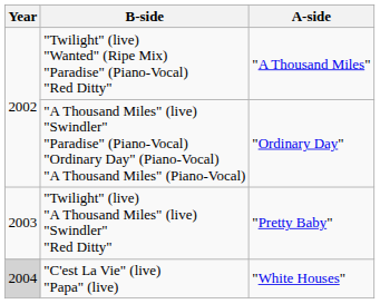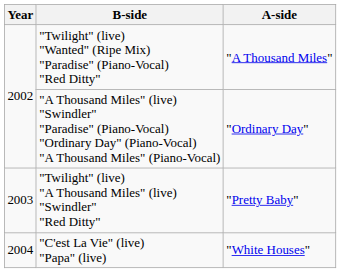 <table class="wikitable">
 <tr>
 <th style="text-align:center;">Year</th>
 <th style="text-align:center;">B-side</th>
 <th style="text-align:center;">A-side</th>
 </tr>
 <tr>
 <td rowspan="2">2002</td>
 <td>"Twilight" (live)<br>"Wanted" (Ripe Mix)<br>"Paradise" (Piano-Vocal)<br>"Red Ditty"</td>
 <td>"<a href='#'>A Thousand Miles</a>"</td>
 </tr>
 <tr>
 <td>"A Thousand Miles" (live)<br>"Swindler"<br>"Paradise" (Piano-Vocal)<br>"Ordinary Day" (Piano-Vocal)<br>"A Thousand Miles" (Piano-Vocal)</td>
 <td>"<a href='#'>Ordinary Day</a>"</td>
 </tr>
 <tr>
 <td>2003</td>
 <td>"Twilight" (live)<br>"A Thousand Miles" (live)<br>"Swindler"<br>"Red Ditty"</td>
 <td>"<a href='#'>Pretty Baby</a>"</td>
 </tr>
 <tr>
-<td style="background: lightgrey;">2004</td>
+<td>2004</td>
 <td>"C'est La Vie" (live)<br>"Papa" (live)</td>
 <td>"<a href='#'>White Houses</a>"</td>
 </tr>
 </table>
